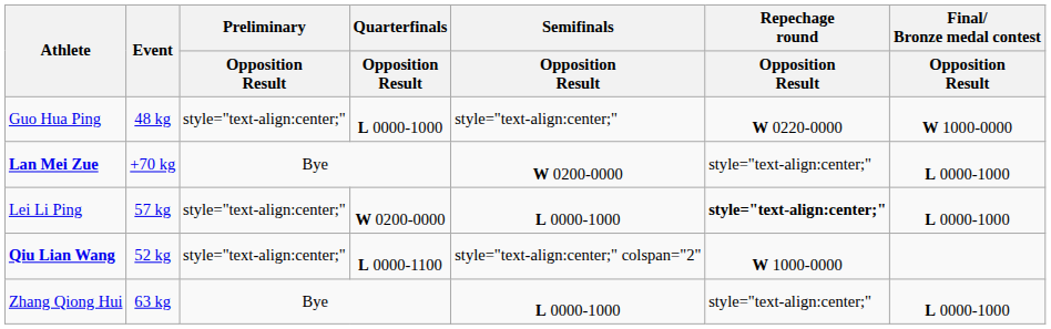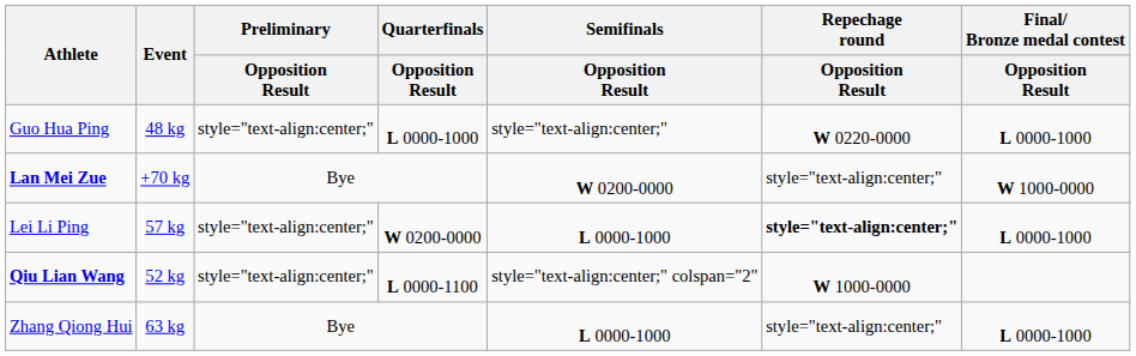 <table class=wikitable style="font-size:90%">
 <tr>
 <th rowspan="2">Athlete</th>
 <th rowspan="2">Event</th>
 <th>Preliminary</th>
 <th>Quarterfinals</th>
 <th>Semifinals</th>
 <th>Repechage <br>round</th>
 <th>Final/<br>Bronze medal contest</th>
 </tr>
 <tr>
 <th>Opposition<br>Result</th>
 <th>Opposition<br>Result</th>
 <th>Opposition<br>Result</th>
 <th>Opposition<br>Result</th>
 <th>Opposition<br>Result</th>
 </tr>
 <tr>
 <td><a href='#'>Guo Hua Ping</a></td>
 <td style="text-align:center;"><a href='#'>48 kg</a></td>
 <td>style="text-align:center;" </td>
 <td style="text-align:center;"><br> <strong>L</strong> 0000-1000</td>
 <td>style="text-align:center;" </td>
 <td style="text-align:center;"><br> <strong>W</strong> 0220-0000</td>
-<td style="text-align:center;"><br> <strong>W</strong> 1000-0000</td>
+<td style="text-align:center;"><br> <strong>L</strong> 0000-1000</td>
 </tr>
 <tr>
 <td><strong><a href='#'>Lan Mei Zue</a></strong></td>
 <td style="text-align:center;"><a href='#'>+70 kg</a></td>
 <td style="text-align:center;" colspan="2">Bye</td>
 <td style="text-align:center;"><br> <strong>W</strong> 0200-0000</td>
 <td>style="text-align:center;" </td>
-<td style="text-align:center;"><br> <strong>L</strong> 0000-1000</td>
+<td style="text-align:center;"><br> <strong>W</strong> 1000-0000</td>
 </tr>
 <tr>
 <td><a href='#'>Lei Li Ping</a></td>
 <td style="text-align:center;"><a href='#'>57 kg</a></td>
 <td>style="text-align:center;" </td>
 <td style="text-align:center;"><br> <strong>W</strong> 0200-0000</td>
 <td style="text-align:center;"><br> <strong>L</strong> 0000-1000</td>
 <td><strong>style="text-align:center;" </strong></td>
 <td style="text-align:center;"><br> <strong>L</strong> 0000-1000</td>
 </tr>
 <tr>
 <td><strong><a href='#'>Qiu Lian Wang</a></strong></td>
 <td style="text-align:center;"><a href='#'>52 kg</a></td>
 <td>style="text-align:center;" </td>
 <td style="text-align:center;"><br> <strong>L</strong> 0000-1100</td>
 <td>style="text-align:center;" colspan="2" </td>
 <td style="text-align:center;"><br> <strong>W</strong> 1000-0000</td>
 </tr>
 <tr>
 <td><a href='#'>Zhang Qiong Hui</a></td>
 <td style="text-align:center;"><a href='#'>63 kg</a></td>
 <td style="text-align:center;" colspan="2">Bye</td>
 <td style="text-align:center;"><br> <strong>L</strong> 0000-1000</td>
 <td>style="text-align:center;" </td>
 <td style="text-align:center;"><br> <strong>L</strong> 0000-1000</td>
 </tr>
 </table>
